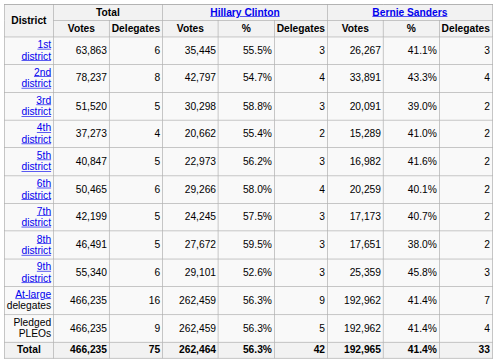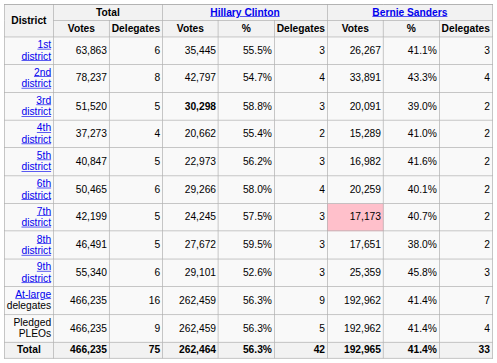 <table class="wikitable sortable" style="text-align:right">
 <tr>
 </tr>
 <tr>
 <th rowspan=2 style="width:45px;">District</th>
 <th colspan=2 style="width:80px;">Total</th>
 <th colspan=3 style="width:80px;"><a href='#'>Hillary Clinton</a></th>
 <th colspan=3 style="width:80px;"><a href='#'>Bernie Sanders</a></th>
 </tr>
 <tr>
 <th style="width:80px;">Votes</th>
 <th style="width:60px;">Delegates</th>
 <th style="width:80px;">Votes</th>
 <th style="width:80px;">%</th>
 <th style="width:60px;">Delegates</th>
 <th style="width:80px;">Votes</th>
 <th style="width:80px;">%</th>
 <th style="width:60px;">Delegates</th>
 </tr>
 <tr>
 <td><a href='#'>1st district</a></td>
 <td>63,863</td>
 <td>6</td>
 <td>35,445</td>
 <td>55.5%</td>
 <td>3</td>
 <td>26,267</td>
 <td>41.1%</td>
 <td>3</td>
 </tr>
 <tr>
 <td><a href='#'>2nd district</a></td>
 <td>78,237</td>
 <td>8</td>
 <td>42,797</td>
 <td>54.7%</td>
 <td>4</td>
 <td>33,891</td>
 <td>43.3%</td>
 <td>4</td>
 </tr>
 <tr>
 <td><a href='#'>3rd district</a></td>
 <td>51,520</td>
 <td>5</td>
-<td>30,298</td>
+<td><strong>30,298</strong></td>
 <td>58.8%</td>
 <td>3</td>
 <td>20,091</td>
 <td>39.0%</td>
 <td>2</td>
 </tr>
 <tr>
 <td><a href='#'>4th district</a></td>
 <td>37,273</td>
 <td>4</td>
 <td>20,662</td>
 <td>55.4%</td>
 <td>2</td>
 <td>15,289</td>
 <td>41.0%</td>
 <td>2</td>
 </tr>
 <tr>
 <td><a href='#'>5th district</a></td>
 <td>40,847</td>
 <td>5</td>
 <td>22,973</td>
 <td>56.2%</td>
 <td>3</td>
 <td>16,982</td>
 <td>41.6%</td>
 <td>2</td>
 </tr>
 <tr>
 <td><a href='#'>6th district</a></td>
 <td>50,465</td>
 <td>6</td>
 <td>29,266</td>
 <td>58.0%</td>
 <td>4</td>
 <td>20,259</td>
 <td>40.1%</td>
 <td>2</td>
 </tr>
 <tr>
 <td><a href='#'>7th district</a></td>
 <td>42,199</td>
 <td>5</td>
 <td>24,245</td>
 <td>57.5%</td>
 <td>3</td>
-<td>17,173</td>
+<td style="background: pink;">17,173</td>
 <td>40.7%</td>
 <td>2</td>
 </tr>
 <tr>
 <td><a href='#'>8th district</a></td>
 <td>46,491</td>
 <td>5</td>
 <td>27,672</td>
 <td>59.5%</td>
 <td>3</td>
 <td>17,651</td>
 <td>38.0%</td>
 <td>2</td>
 </tr>
 <tr>
 <td><a href='#'>9th district</a></td>
 <td>55,340</td>
 <td>6</td>
 <td>29,101</td>
 <td>52.6%</td>
 <td>3</td>
 <td>25,359</td>
 <td>45.8%</td>
 <td>3</td>
 </tr>
 <tr>
 <td><a href='#'>At-large</a> delegates</td>
 <td>466,235</td>
 <td>16</td>
 <td>262,459</td>
 <td>56.3%</td>
 <td>9</td>
 <td>192,962</td>
 <td>41.4%</td>
 <td>7</td>
 </tr>
 <tr>
 <td>Pledged PLEOs</td>
 <td>466,235</td>
 <td>9</td>
 <td>262,459</td>
 <td>56.3%</td>
 <td>5</td>
 <td>192,962</td>
 <td>41.4%</td>
 <td>4</td>
 </tr>
 <tr>
 <th>Total</th>
 <th style="text-align:right">466,235</th>
 <th style="text-align:right">75</th>
 <th style="text-align:right">262,464</th>
 <th style="text-align:right">56.3%</th>
 <th style="text-align:right">42</th>
 <th style="text-align:right">192,965</th>
 <th style="text-align:right">41.4%</th>
 <th style="text-align:right">33</th>
 </tr>
 </table>
